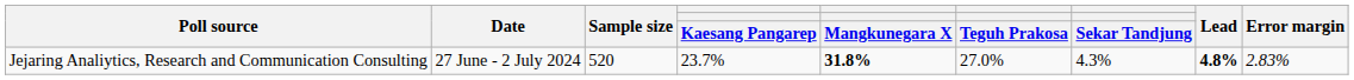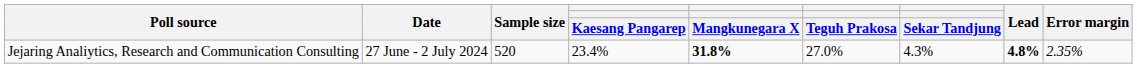 <table class="wikitable sortable">
 <tr>
 <th rowspan="3">Poll source</th>
 <th rowspan="3">Date</th>
 <th rowspan="3">Sample size</th>
 <th></th>
 <th></th>
 <th></th>
 <th></th>
 <th rowspan="3">Lead</th>
 <th rowspan="3">Error margin</th>
 </tr>
 <tr>
 <th style="background:"></th>
 <th style="background:"></th>
 <th style="background:"></th>
 <th style="background:"></th>
 </tr>
 <tr>
 <th><a href='#'>Kaesang Pangarep</a></th>
 <th><a href='#'>Mangkunegara X</a></th>
 <th><a href='#'>Teguh Prakosa</a></th>
 <th><a href='#'>Sekar Tandjung</a></th>
 </tr>
 <tr>
 <td>Jejaring Analiytics, Research and Communication Consulting</td>
 <td>27 June - 2 July 2024</td>
 <td>520</td>
-<td>23.7% </td>
+<td>23.4% </td>
 <td style="background:#"><strong>31.8%</strong> </td>
 <td>27.0% </td>
 <td>4.3% </td>
 <td style="background:#"><strong>4.8%</strong></td>
-<td><em>2.83%</em></td>
+<td><em>2.35%</em></td>
 </tr>
 </table>
